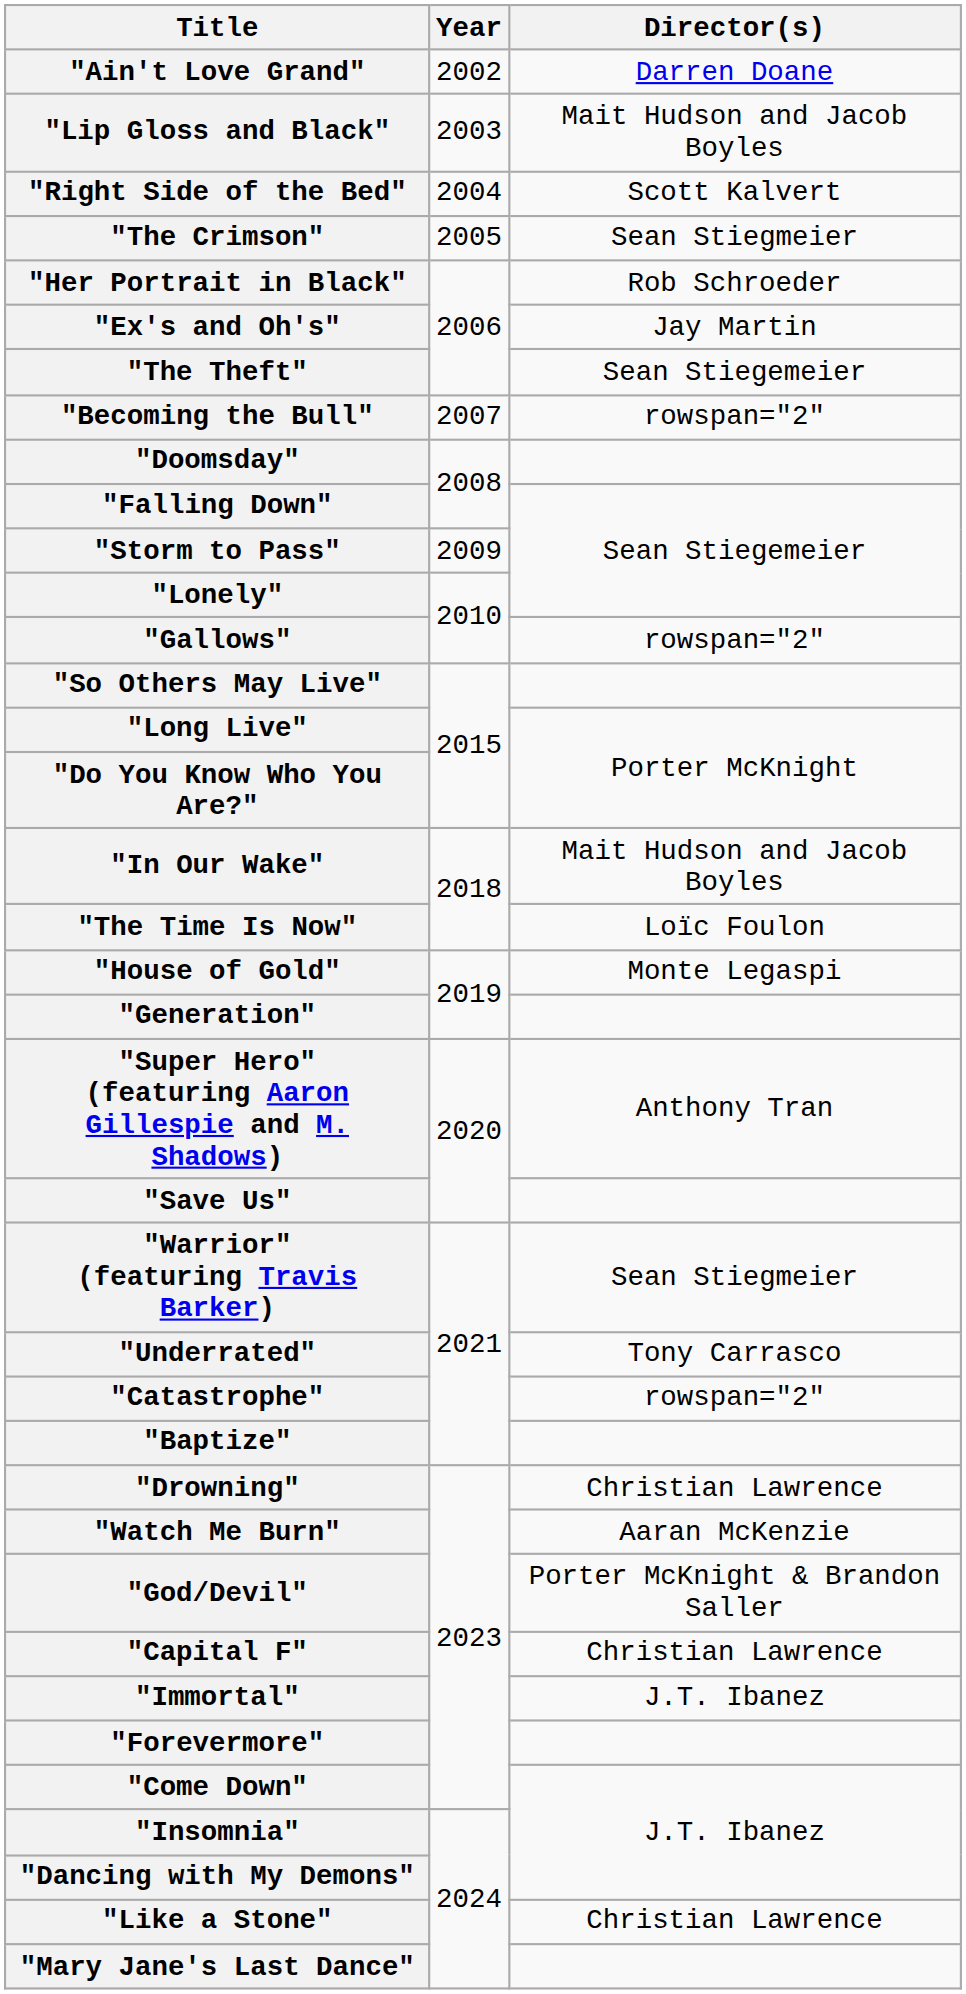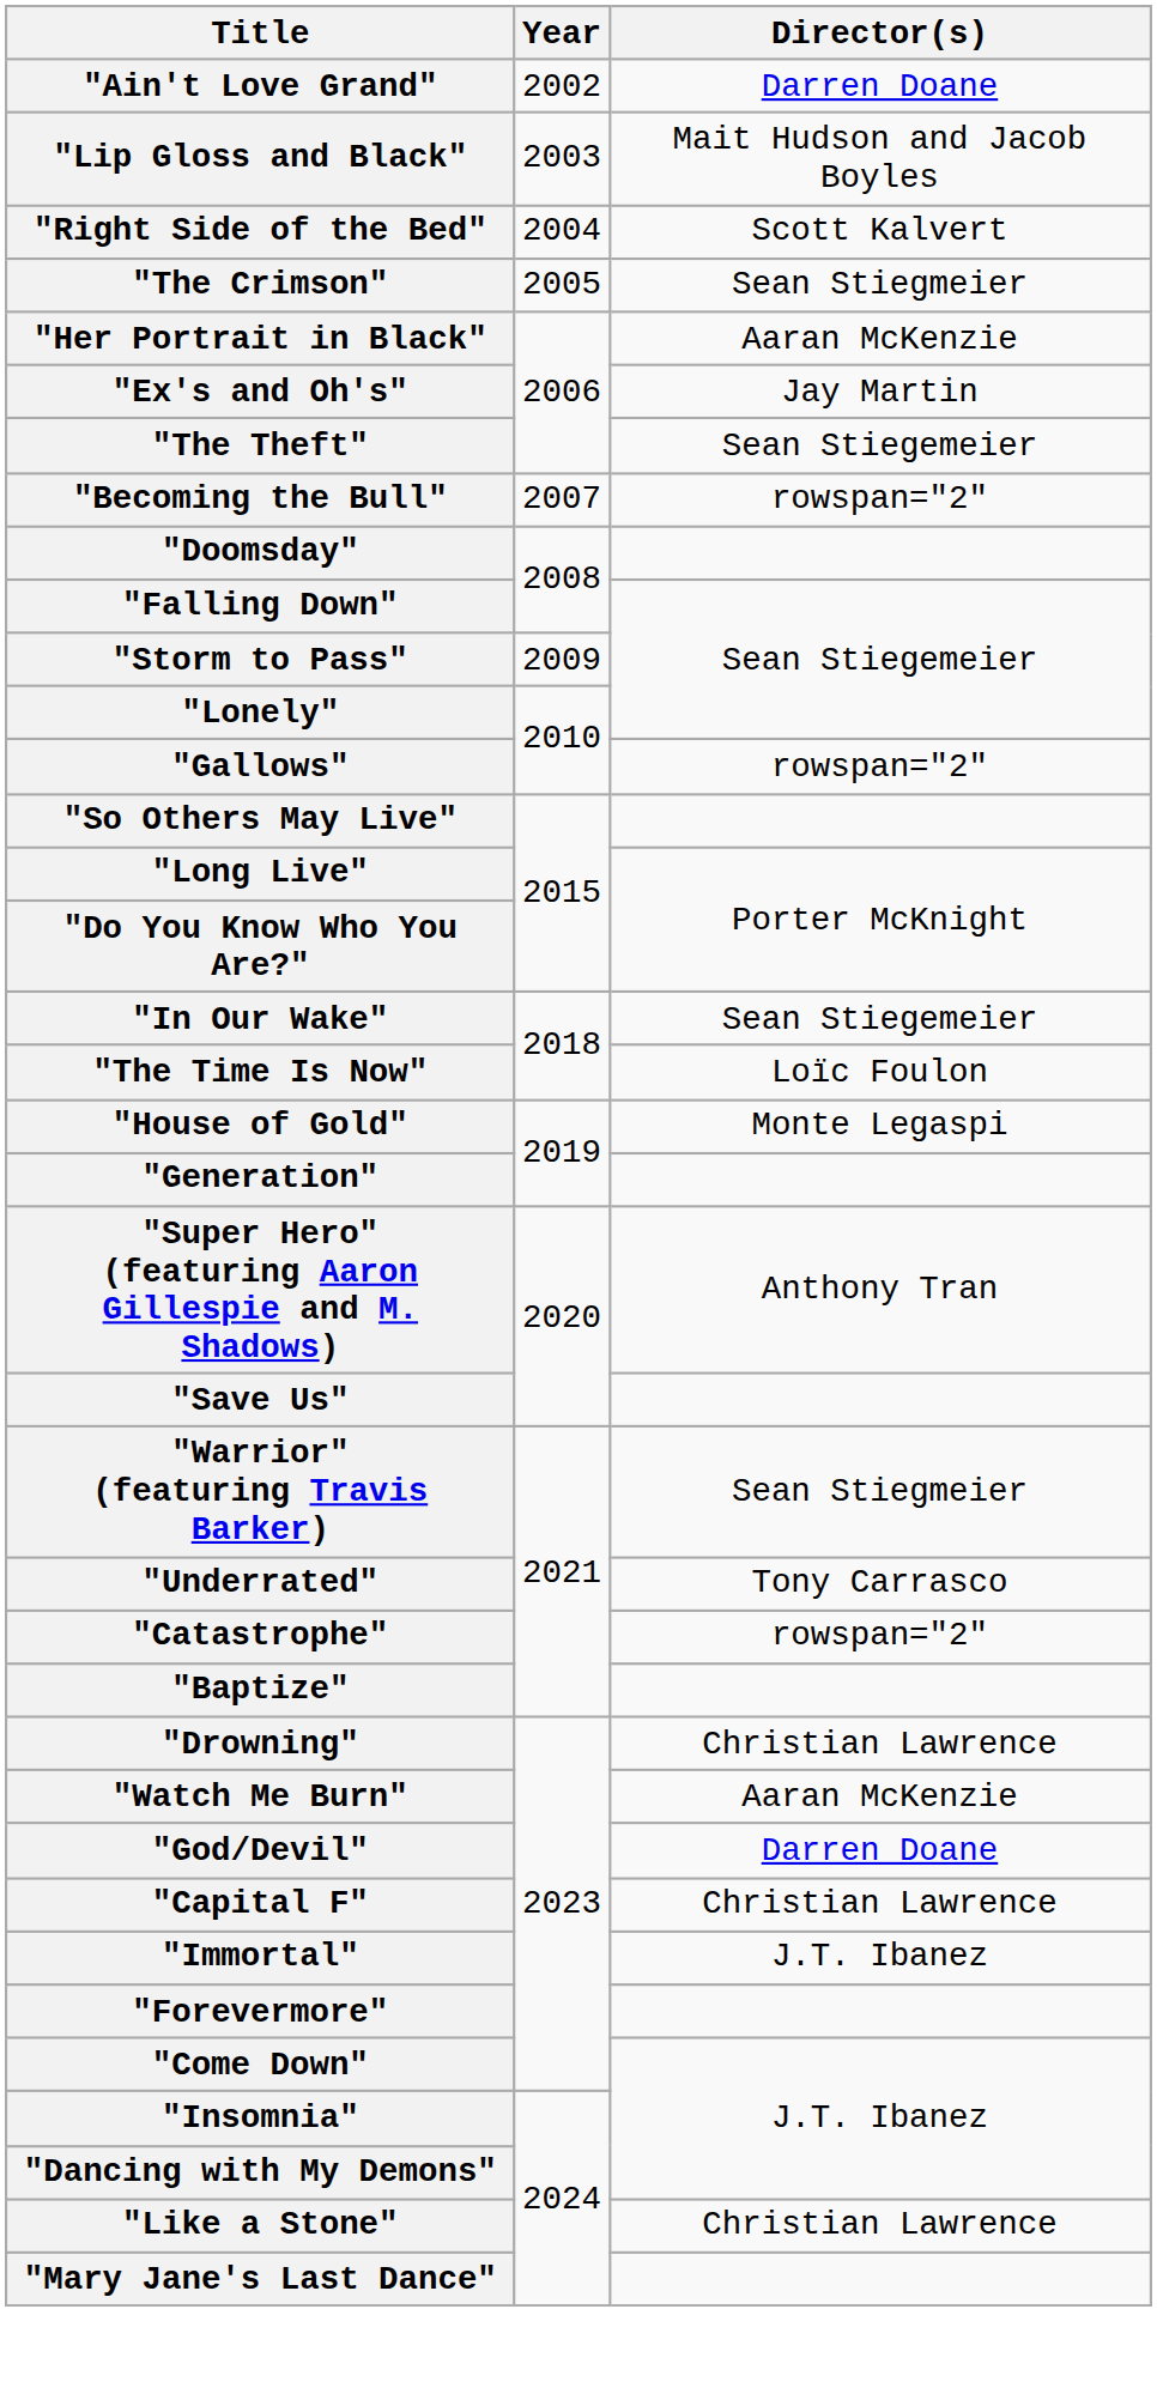 <table class="wikitable plainrowheaders" style="text-align:center;">
 <tr>
 <th scope="col" style="width:15em;">Title</th>
 <th scope="col">Year</th>
 <th scope="col" style="width:16em;">Director(s)</th>
 </tr>
 <tr>
 <th scope="row">"Ain't Love Grand"</th>
 <td>2002</td>
 <td><a href='#'>Darren Doane</a></td>
 </tr>
 <tr>
 <th scope="row">"Lip Gloss and Black"</th>
 <td>2003</td>
 <td>Mait Hudson and Jacob Boyles</td>
 </tr>
 <tr>
 <th scope="row">"Right Side of the Bed"</th>
 <td>2004</td>
 <td>Scott Kalvert</td>
 </tr>
 <tr>
 <th scope="row">"The Crimson"</th>
 <td>2005</td>
 <td>Sean Stiegmeier</td>
 </tr>
 <tr>
 <th scope="row">"Her Portrait in Black"</th>
 <td rowspan="3">2006</td>
-<td>Rob Schroeder</td>
+<td>Aaran McKenzie</td>
 </tr>
 <tr>
 <th scope="row">"Ex's and Oh's"</th>
 <td>Jay Martin</td>
 </tr>
 <tr>
 <th scope="row">"The Theft"</th>
 <td>Sean Stiegemeier</td>
 </tr>
 <tr>
 <th scope="row">"Becoming the Bull"</th>
 <td>2007</td>
 <td>rowspan="2" </td>
 </tr>
 <tr>
 <th scope="row">"Doomsday"</th>
 <td rowspan="2">2008</td>
 <td></td>
 </tr>
 <tr>
 <th scope="row">"Falling Down"</th>
 <td rowspan="3">Sean Stiegemeier</td>
 </tr>
 <tr>
 <th scope="row">"Storm to Pass"</th>
 <td>2009</td>
 </tr>
 <tr>
 <th scope="row">"Lonely"</th>
 <td rowspan="2">2010</td>
 </tr>
 <tr>
 <th scope="row">"Gallows"</th>
 <td>rowspan="2" </td>
 </tr>
 <tr>
 <th scope="row">"So Others May Live"</th>
 <td rowspan="3">2015</td>
 </tr>
 <tr>
 <th scope="row">"Long Live"</th>
 <td rowspan="2">Porter McKnight</td>
 </tr>
 <tr>
 <th scope="row">"Do You Know Who You Are?"</th>
 </tr>
 <tr>
 <th scope="row">"In Our Wake"</th>
 <td rowspan="2">2018</td>
-<td>Mait Hudson and Jacob Boyles</td>
+<td>Sean Stiegemeier</td>
 </tr>
 <tr>
 <th scope="row">"The Time Is Now"</th>
 <td>Loïc Foulon</td>
 </tr>
 <tr>
 <th scope="row">"House of Gold"</th>
 <td rowspan="2">2019</td>
 <td>Monte Legaspi</td>
 </tr>
 <tr>
 <th scope="row">"Generation"</th>
 <td></td>
 </tr>
 <tr>
 <th scope="row">"Super Hero" <br><span>(featuring <a href='#'>Aaron Gillespie</a> and <a href='#'>M. Shadows</a>)</span></th>
 <td rowspan="2">2020</td>
 <td>Anthony Tran</td>
 </tr>
 <tr>
 <th scope="row">"Save Us"</th>
 <td></td>
 </tr>
 <tr>
 <th scope="row">"Warrior" <br><span>(featuring <a href='#'>Travis Barker</a>)</span></th>
 <td rowspan="4">2021</td>
 <td>Sean Stiegmeier</td>
 </tr>
 <tr>
 <th scope="row">"Underrated"</th>
 <td>Tony Carrasco</td>
 </tr>
 <tr>
 <th scope="row">"Catastrophe"</th>
 <td>rowspan="2" </td>
 </tr>
 <tr>
 <th scope="row">"Baptize"</th>
 </tr>
 <tr>
 <th scope="row">"Drowning"</th>
 <td rowspan="7">2023</td>
 <td>Christian Lawrence</td>
 </tr>
 <tr>
 <th scope="row">"Watch Me Burn"</th>
 <td>Aaran McKenzie</td>
 </tr>
 <tr>
 <th scope="row">"God/Devil"</th>
-<td>Porter McKnight & Brandon Saller</td>
+<td><a href='#'>Darren Doane</a></td>
 </tr>
 <tr>
 <th scope="row">"Capital F"</th>
 <td>Christian Lawrence</td>
 </tr>
 <tr>
 <th scope="row">"Immortal"</th>
 <td>J.T. Ibanez</td>
 </tr>
 <tr>
 <th scope="row">"Forevermore"</th>
 <td></td>
 </tr>
 <tr>
 <th scope="row">"Come Down"</th>
 <td rowspan="3">J.T. Ibanez</td>
 </tr>
 <tr>
 <th scope="row">"Insomnia"</th>
 <td rowspan="4">2024</td>
 </tr>
 <tr>
 <th scope="row">"Dancing with My Demons"</th>
 </tr>
 <tr>
 <th scope="row">"Like a Stone"</th>
 <td>Christian Lawrence</td>
 </tr>
 <tr>
 <th scope="row">"Mary Jane's Last Dance"</th>
 </tr>
 </table>
